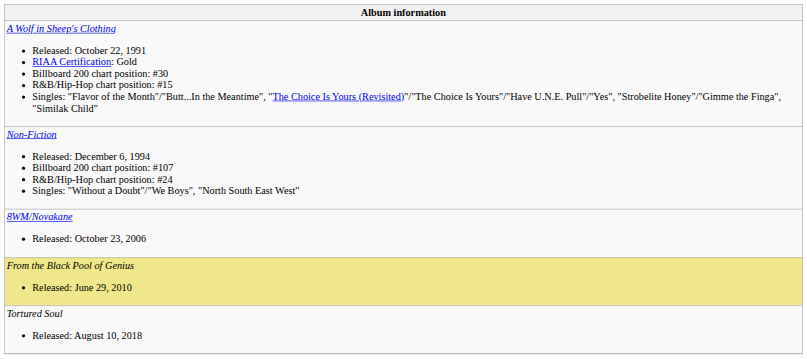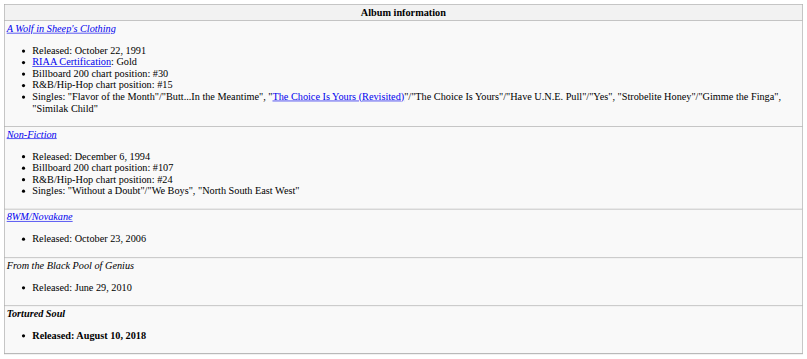 <table class="wikitable">
 <tr>
 <th align="left">Album information</th>
 </tr>
 <tr>
 <td align="left"><em><a href='#'>A Wolf in Sheep's Clothing</a></em><br><ul><li>Released: October 22, 1991</li><li><a href='#'>RIAA Certification</a>: Gold</li><li>Billboard 200 chart position: #30</li><li>R&B/Hip-Hop chart position: #15</li><li>Singles: "Flavor of the Month"/"Butt...In the Meantime", "<a href='#'>The Choice Is Yours (Revisited)</a>"/"The Choice Is Yours"/"Have U.N.E. Pull"/"Yes", "Strobelite Honey"/"Gimme the Finga", "Similak Child"</li></ul></td>
 </tr>
 <tr>
 <td align="left"><em><a href='#'>Non-Fiction</a></em><br><ul><li>Released: December 6, 1994</li><li>Billboard 200 chart position: #107</li><li>R&B/Hip-Hop chart position: #24</li><li>Singles: "Without a Doubt"/"We Boys", "North South East West"</li></ul></td>
 </tr>
 <tr>
 <td align="left"><em><a href='#'>8WM/Novakane</a></em><br><ul><li>Released: October 23, 2006</li></ul></td>
 </tr>
 <tr>
-<td align="left" style="background: khaki;"><em>From the Black Pool of Genius</em><br><ul><li>Released: June 29, 2010</li></ul></td>
+<td align="left"><em>From the Black Pool of Genius</em><br><ul><li>Released: June 29, 2010</li></ul></td>
 </tr>
 <tr>
-<td align="left"><em>Tortured Soul</em><br><ul><li>Released: August 10, 2018</li></ul></td>
+<td align="left"><strong><em>Tortured Soul</em><br><ul><li>Released: August 10, 2018</li></ul></strong></td>
 </tr>
 <tr>
 </tr>
 </table>
